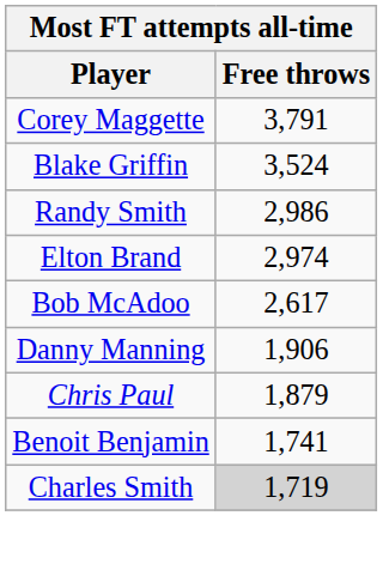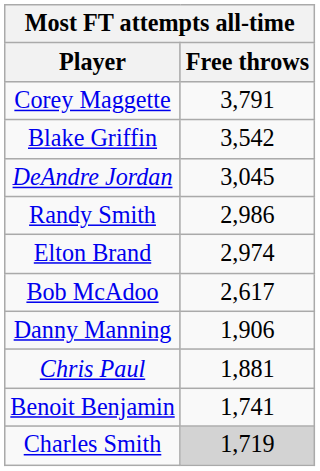 <table class="wikitable sortable" style="text-align:center">
 <tr>
 <th colspan="2">Most FT attempts all-time</th>
 </tr>
 <tr>
 <th>Player</th>
 <th>Free throws</th>
 </tr>
 <tr>
 <td><a href='#'>Corey Maggette</a></td>
 <td>3,791</td>
 </tr>
 <tr>
 <td><a href='#'>Blake Griffin</a></td>
-<td>3,524</td>
+<td>3,542</td>
+</tr>
+<tr>
+<td><em><a href='#'>DeAndre Jordan</a></em></td>
+<td>3,045</td>
 </tr>
 <tr>
 <td><a href='#'>Randy Smith</a></td>
 <td>2,986</td>
 </tr>
 <tr>
 <td><a href='#'>Elton Brand</a></td>
 <td>2,974</td>
 </tr>
 <tr>
 <td><a href='#'>Bob McAdoo</a></td>
 <td>2,617</td>
 </tr>
 <tr>
 <td><a href='#'>Danny Manning</a></td>
 <td>1,906</td>
 </tr>
 <tr>
 <td><em><a href='#'>Chris Paul</a></em></td>
-<td>1,879</td>
+<td>1,881</td>
 </tr>
 <tr>
 <td><a href='#'>Benoit Benjamin</a></td>
 <td>1,741</td>
 </tr>
 <tr>
 <td><a href='#'>Charles Smith</a></td>
 <td style="background: lightgrey;">1,719</td>
 </tr>
 </table>
